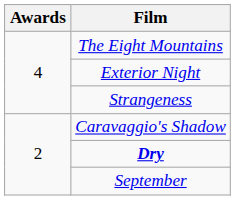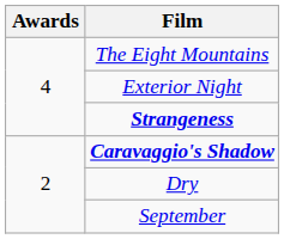 <table class="wikitable plainrowheaders" rowspan=2 style="text-align: center;" border="2" background: #f6e39c;>
 <tr>
 <th scope="col" style="width:55px;">Awards</th>
 <th scope="col" style="text-align:center;">Film</th>
 </tr>
 <tr>
 <td rowspan="3">4</td>
 <td><em><a href='#'>The Eight Mountains</a></em></td>
 </tr>
 <tr>
 <td><em><a href='#'>Exterior Night</a></em></td>
 </tr>
 <tr>
-<td><em><a href='#'>Strangeness</a></em></td>
+<td><strong><em><a href='#'>Strangeness</a></em></strong></td>
 </tr>
 <tr>
 <td rowspan="3">2</td>
-<td><em><a href='#'>Caravaggio's Shadow</a></em></td>
+<td><strong><em><a href='#'>Caravaggio's Shadow</a></em></strong></td>
 </tr>
 <tr>
-<td><strong><em><a href='#'>Dry</a></em></strong></td>
+<td><em><a href='#'>Dry</a></em></td>
 </tr>
 <tr>
 <td><em><a href='#'>September</a></em></td>
 </tr>
 </table>
